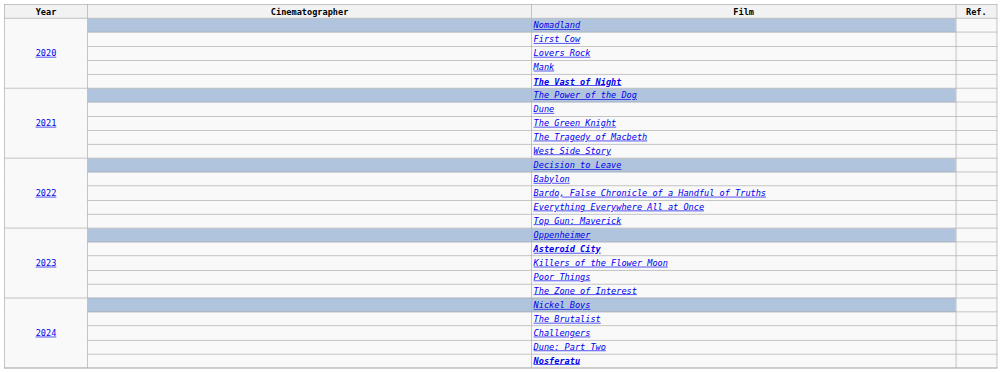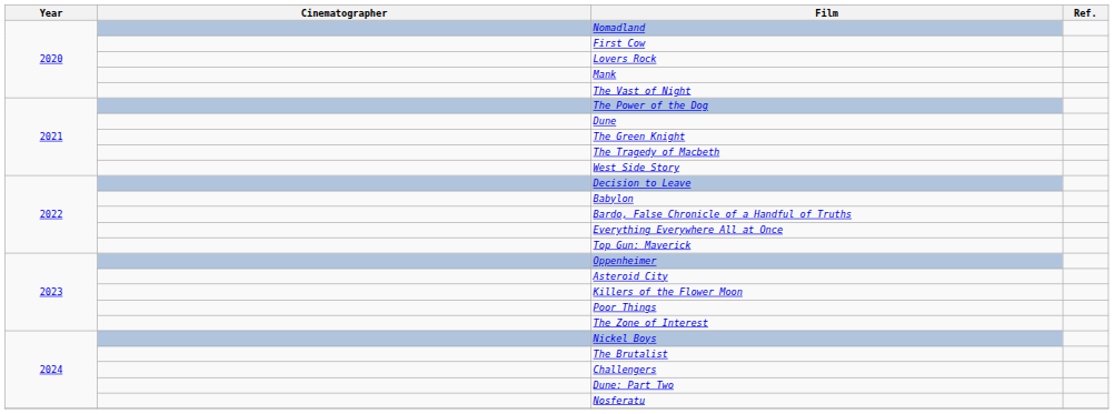 <table class="wikitable sortable" width="95%" cellpadding="5">
 <tr>
 <th scope="col" width="70">Year</th>
 <th scope="col" width="400">Cinematographer</th>
 <th scope="col" width="382">Film</th>
 <th scope="col" width="30">Ref.</th>
 </tr>
 <tr>
 <td rowspan="5" style="text-align:center;"><a href='#'>2020</a></td>
 <td style="background:#B0C4DE;"></td>
 <td style="background:#B0C4DE;"><em><a href='#'>Nomadland</a></em></td>
 <td align="center"></td>
 </tr>
 <tr>
 <td></td>
 <td><em><a href='#'>First Cow</a></em></td>
 <td align="center"></td>
 </tr>
 <tr>
 <td></td>
 <td><em><a href='#'>Lovers Rock</a></em></td>
 <td align="center"></td>
 </tr>
 <tr>
 <td></td>
 <td><em><a href='#'>Mank</a></em></td>
 <td align="center"></td>
 </tr>
 <tr>
 <td></td>
-<td><strong><em><a href='#'>The Vast of Night</a></em></strong></td>
+<td><em><a href='#'>The Vast of Night</a></em></td>
 <td align="center"></td>
 </tr>
 <tr>
 <td rowspan="5" style="text-align:center;"><a href='#'>2021</a></td>
 <td style="background:#B0C4DE;"></td>
 <td style="background:#B0C4DE;"><em><a href='#'>The Power of the Dog</a></em></td>
 <td align="center"></td>
 </tr>
 <tr>
 <td></td>
 <td><em><a href='#'>Dune</a></em></td>
 <td align="center"></td>
 </tr>
 <tr>
 <td></td>
 <td><em><a href='#'>The Green Knight</a></em></td>
 <td align="center"></td>
 </tr>
 <tr>
 <td></td>
 <td><em><a href='#'>The Tragedy of Macbeth</a></em></td>
 <td align="center"></td>
 </tr>
 <tr>
 <td></td>
 <td><em><a href='#'>West Side Story</a></em></td>
 <td align="center"></td>
 </tr>
 <tr>
 <td rowspan="5" style="text-align:center;"><a href='#'>2022</a></td>
 <td style="background:#B0C4DE;"></td>
 <td style="background:#B0C4DE;"><em><a href='#'>Decision to Leave</a></em></td>
 <td align="center"></td>
 </tr>
 <tr>
 <td></td>
 <td><em><a href='#'>Babylon</a></em></td>
 <td align="center"></td>
 </tr>
 <tr>
 <td></td>
 <td><em><a href='#'>Bardo, False Chronicle of a Handful of Truths</a></em></td>
 <td align="center"></td>
 </tr>
 <tr>
 <td></td>
 <td><em><a href='#'>Everything Everywhere All at Once</a></em></td>
 <td align="center"></td>
 </tr>
 <tr>
 <td></td>
 <td><em><a href='#'>Top Gun: Maverick</a></em></td>
 <td align="center"></td>
 </tr>
 <tr>
 <td rowspan="5" style="text-align:center;"><a href='#'>2023</a></td>
 <td style="background:#B0C4DE;"></td>
 <td style="background:#B0C4DE;"><em><a href='#'>Oppenheimer</a></em></td>
 <td align="center"></td>
 </tr>
 <tr>
 <td></td>
-<td><strong><em><a href='#'>Asteroid City</a></em></strong></td>
+<td><em><a href='#'>Asteroid City</a></em></td>
 <td align="center"></td>
 </tr>
 <tr>
 <td></td>
 <td><em><a href='#'>Killers of the Flower Moon</a></em></td>
 <td align="center"></td>
 </tr>
 <tr>
 <td></td>
 <td><em><a href='#'>Poor Things</a></em></td>
 <td align="center"></td>
 </tr>
 <tr>
 <td></td>
 <td><em><a href='#'>The Zone of Interest</a></em></td>
 <td align="center"></td>
 </tr>
 <tr>
 <td rowspan="5" style="text-align:center;"><a href='#'>2024</a></td>
 <td style="background:#B0C4DE;"></td>
 <td style="background:#B0C4DE;"><em><a href='#'>Nickel Boys</a></em></td>
 <td align="center"></td>
 </tr>
 <tr>
 <td></td>
 <td><em><a href='#'>The Brutalist</a></em></td>
 <td align="center"></td>
 </tr>
 <tr>
 <td></td>
 <td><em><a href='#'>Challengers</a></em></td>
 <td align="center"></td>
 </tr>
 <tr>
 <td></td>
 <td><em><a href='#'>Dune: Part Two</a></em></td>
 <td align="center"></td>
 </tr>
 <tr>
 <td></td>
-<td><strong><em><a href='#'>Nosferatu</a></em></strong></td>
+<td><em><a href='#'>Nosferatu</a></em></td>
 <td align="center"></td>
 </tr>
 <tr>
 </tr>
 </table>
